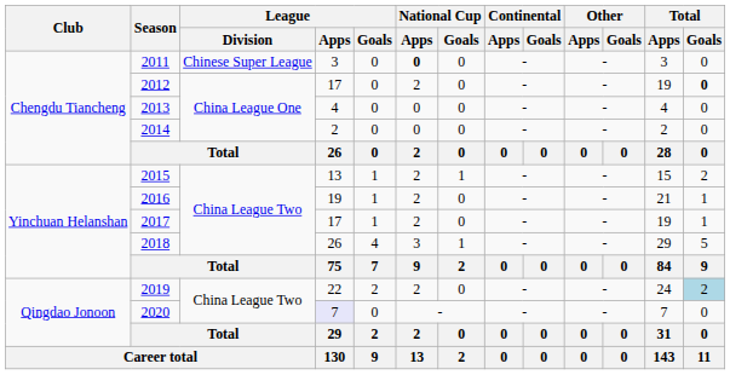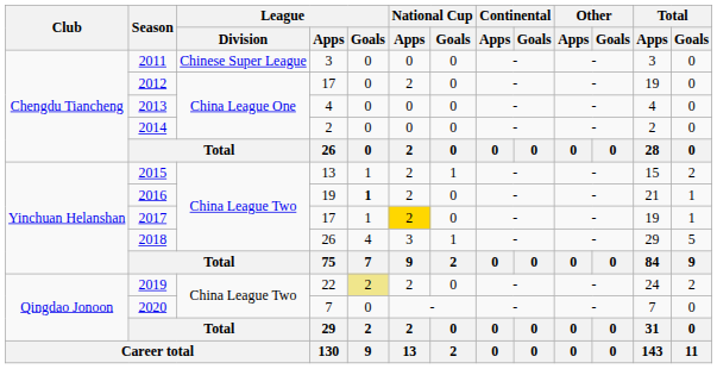 <table class="wikitable" style="text-align: center">
 <tr>
 <th rowspan="2">Club</th>
 <th rowspan="2">Season</th>
 <th colspan="3">League</th>
 <th colspan="2">National Cup</th>
 <th colspan="2">Continental</th>
 <th colspan="2">Other</th>
 <th colspan="2">Total</th>
 </tr>
 <tr>
 <th>Division</th>
 <th>Apps</th>
 <th>Goals</th>
 <th>Apps</th>
 <th>Goals</th>
 <th>Apps</th>
 <th>Goals</th>
 <th>Apps</th>
 <th>Goals</th>
 <th>Apps</th>
 <th>Goals</th>
 </tr>
 <tr>
 <td rowspan=5><a href='#'>Chengdu Tiancheng</a></td>
 <td><a href='#'>2011</a></td>
 <td rowspan="1"><a href='#'>Chinese Super League</a></td>
 <td>3</td>
 <td>0</td>
-<td><strong>0</strong></td>
+<td>0</td>
 <td>0</td>
 <td colspan="2">-</td>
 <td colspan="2">-</td>
 <td>3</td>
 <td>0</td>
 </tr>
 <tr>
 <td><a href='#'>2012</a></td>
 <td rowspan="3"><a href='#'>China League One</a></td>
 <td>17</td>
 <td>0</td>
 <td>2</td>
 <td>0</td>
 <td colspan="2">-</td>
 <td colspan="2">-</td>
 <td>19</td>
-<td><strong>0</strong></td>
+<td>0</td>
 </tr>
 <tr>
 <td><a href='#'>2013</a></td>
 <td>4</td>
 <td>0</td>
 <td>0</td>
 <td>0</td>
 <td colspan="2">-</td>
 <td colspan="2">-</td>
 <td>4</td>
 <td>0</td>
 </tr>
 <tr>
 <td><a href='#'>2014</a></td>
 <td>2</td>
 <td>0</td>
 <td>0</td>
 <td>0</td>
 <td colspan="2">-</td>
 <td colspan="2">-</td>
 <td>2</td>
 <td>0</td>
 </tr>
 <tr>
 <th colspan="2">Total</th>
 <th>26</th>
 <th>0</th>
 <th>2</th>
 <th>0</th>
 <th>0</th>
 <th>0</th>
 <th>0</th>
 <th>0</th>
 <th>28</th>
 <th>0</th>
 </tr>
 <tr>
 <td rowspan=5><a href='#'>Yinchuan Helanshan</a></td>
 <td><a href='#'>2015</a></td>
 <td rowspan=4><a href='#'>China League Two</a></td>
 <td>13</td>
 <td>1</td>
 <td>2</td>
 <td>1</td>
 <td colspan="2">-</td>
 <td colspan="2">-</td>
 <td>15</td>
 <td>2</td>
 </tr>
 <tr>
 <td><a href='#'>2016</a></td>
 <td>19</td>
-<td>1</td>
+<td><strong>1</strong></td>
 <td>2</td>
 <td>0</td>
 <td colspan="2">-</td>
 <td colspan="2">-</td>
 <td>21</td>
 <td>1</td>
 </tr>
 <tr>
 <td><a href='#'>2017</a></td>
 <td>17</td>
 <td>1</td>
-<td>2</td>
+<td style="background: gold;">2</td>
 <td>0</td>
 <td colspan="2">-</td>
 <td colspan="2">-</td>
 <td>19</td>
 <td>1</td>
 </tr>
 <tr>
 <td><a href='#'>2018</a></td>
 <td>26</td>
 <td>4</td>
 <td>3</td>
 <td>1</td>
 <td colspan="2">-</td>
 <td colspan="2">-</td>
 <td>29</td>
 <td>5</td>
 </tr>
 <tr>
 <th colspan="2">Total</th>
 <th>75</th>
 <th>7</th>
 <th>9</th>
 <th>2</th>
 <th>0</th>
 <th>0</th>
 <th>0</th>
 <th>0</th>
 <th>84</th>
 <th>9</th>
 </tr>
 <tr>
 <td rowspan=3><a href='#'>Qingdao Jonoon</a></td>
 <td><a href='#'>2019</a></td>
 <td rowspan=2>China League Two</td>
 <td>22</td>
-<td>2</td>
+<td style="background: khaki;">2</td>
 <td>2</td>
 <td>0</td>
 <td colspan="2">-</td>
 <td colspan="2">-</td>
 <td>24</td>
-<td style="background: lightblue;">2</td>
+<td>2</td>
 </tr>
 <tr>
 <td><a href='#'>2020</a></td>
-<td style="background: lavender;">7</td>
+<td>7</td>
 <td>0</td>
 <td colspan="2">-</td>
 <td colspan="2">-</td>
 <td colspan="2">-</td>
 <td>7</td>
 <td>0</td>
 </tr>
 <tr>
 <th colspan="2">Total</th>
 <th>29</th>
 <th>2</th>
 <th>2</th>
 <th>0</th>
 <th>0</th>
 <th>0</th>
 <th>0</th>
 <th>0</th>
 <th>31</th>
 <th>0</th>
 </tr>
 <tr>
 <th colspan=3>Career total</th>
 <th>130</th>
 <th>9</th>
 <th>13</th>
 <th>2</th>
 <th>0</th>
 <th>0</th>
 <th>0</th>
 <th>0</th>
 <th>143</th>
 <th>11</th>
 </tr>
 </table>
